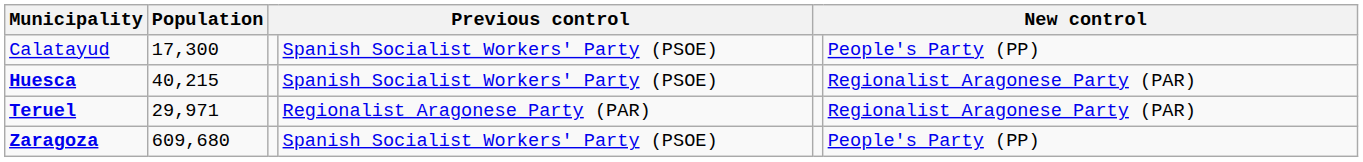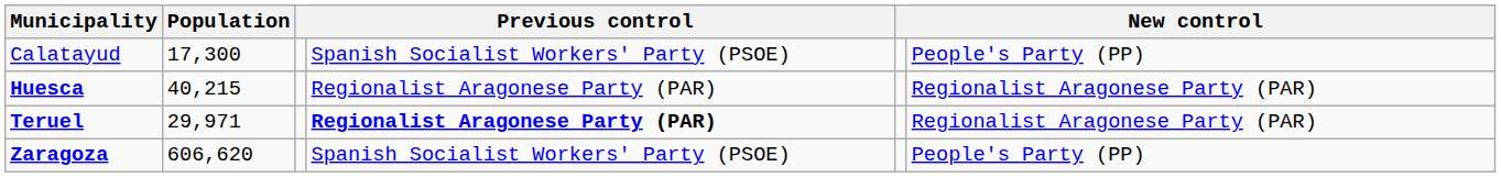 <table class="wikitable sortable">
 <tr>
 <th>Municipality</th>
 <th>Population</th>
 <th colspan="2" style="width:375px;">Previous control</th>
 <th colspan="2" style="width:375px;">New control</th>
 </tr>
 <tr>
 <td><a href='#'>Calatayud</a></td>
 <td>17,300</td>
 <td width="1" style="color:inherit;background:"></td>
 <td><a href='#'>Spanish Socialist Workers' Party</a> (PSOE)</td>
 <td width="1" style="color:inherit;background:"></td>
 <td><a href='#'>People's Party</a> (PP)</td>
 </tr>
 <tr>
 <td><strong><a href='#'>Huesca</a></strong></td>
 <td>40,215</td>
 <td style="color:inherit;background:"></td>
-<td><a href='#'>Spanish Socialist Workers' Party</a> (PSOE)</td>
+<td><a href='#'>Regionalist Aragonese Party</a> (PAR)</td>
 <td style="color:inherit;background:"></td>
 <td><a href='#'>Regionalist Aragonese Party</a> (PAR) </td>
 </tr>
 <tr>
 <td><strong><a href='#'>Teruel</a></strong></td>
 <td>29,971</td>
 <td style="color:inherit;background:"></td>
-<td><a href='#'>Regionalist Aragonese Party</a> (PAR)</td>
+<td><strong><a href='#'>Regionalist Aragonese Party</a> (PAR)</strong></td>
 <td style="color:inherit;background:"></td>
 <td><a href='#'>Regionalist Aragonese Party</a> (PAR) </td>
 </tr>
 <tr>
 <td><strong><a href='#'>Zaragoza</a></strong></td>
-<td>609,680</td>
+<td>606,620</td>
 <td style="color:inherit;background:"></td>
 <td><a href='#'>Spanish Socialist Workers' Party</a> (PSOE)</td>
 <td style="color:inherit;background:"></td>
 <td><a href='#'>People's Party</a> (PP)</td>
 </tr>
 </table>
